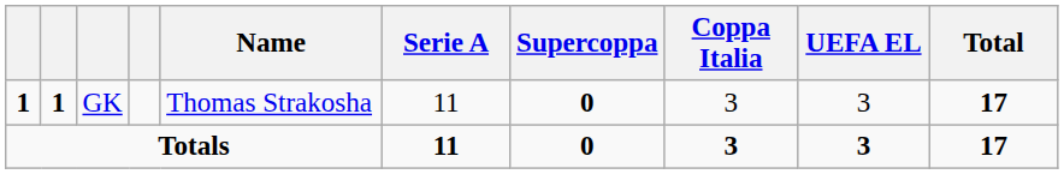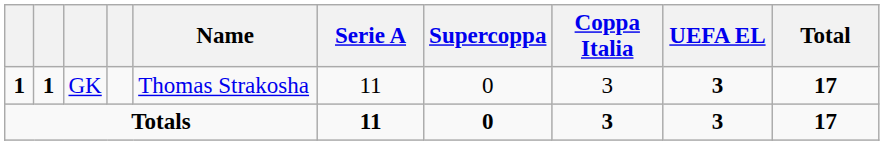 <table class="wikitable" style="text-align:center">
 <tr>
 <th width=15></th>
 <th width=15></th>
 <th width=15></th>
 <th width=15></th>
 <th width=145>Name</th>
 <th width=80><strong><a href='#'>Serie A</a></strong></th>
 <th width=80><strong><a href='#'>Supercoppa</a></strong></th>
 <th width=80><strong><a href='#'>Coppa Italia</a></strong></th>
 <th width=80><strong><a href='#'>UEFA EL</a></strong></th>
 <th width=80>Total</th>
 </tr>
 <tr>
 <td><strong>1</strong></td>
 <td><strong>1</strong></td>
 <td><a href='#'>GK</a></td>
 <td></td>
 <td align=left><a href='#'>Thomas Strakosha</a></td>
 <td>11</td>
-<td><strong>0</strong></td>
+<td>0</td>
 <td>3</td>
-<td>3</td>
+<td><strong>3</strong></td>
 <td><strong>17</strong></td>
 </tr>
 <tr>
 <td colspan=5><strong>Totals</strong></td>
 <td><strong>11</strong></td>
 <td><strong>0</strong></td>
 <td><strong>3</strong></td>
 <td><strong>3</strong></td>
 <td><strong>17</strong></td>
 </tr>
 </table>
